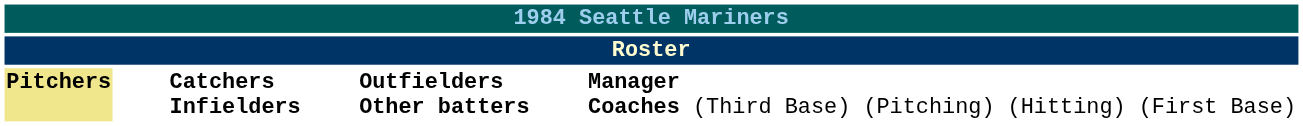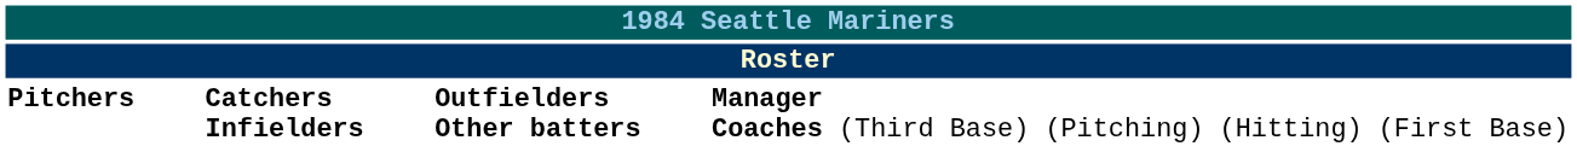 <table class="toccolours" style="font-size: 95%;">
 <tr>
 <th colspan="10" style="background:#005c5c; color:#9eceee; text-align:center;">1984 Seattle Mariners</th>
 </tr>
 <tr>
 <td colspan="10" style="background:#036; color:#fffdd0; text-align:center;"><strong>Roster</strong></td>
 </tr>
 <tr>
-<td valign="top" style="background: khaki;"><strong>Pitchers</strong><br>              </td>
+<td valign="top"><strong>Pitchers</strong><br>              </td>
 <td style="width:25px;"></td>
 <td valign="top"><strong>Catchers</strong><br>    <strong>Infielders</strong>         </td>
 <td style="width:25px;"></td>
 <td valign="top"><strong>Outfielders</strong><br>          <strong>Other batters</strong>  </td>
 <td style="width:25px;"></td>
 <td valign="top"><strong>Manager</strong><br>  <strong>Coaches</strong>  (Third Base)  (Pitching)  (Hitting)  (First Base)</td>
 </tr>
 </table>
